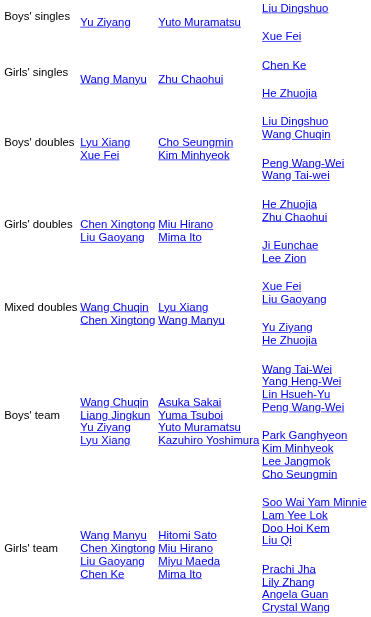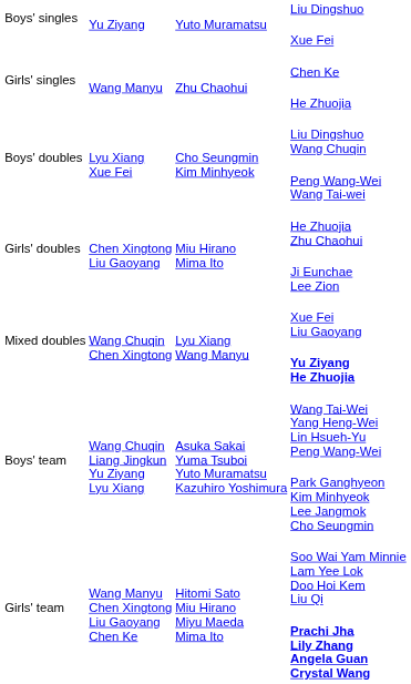 <table>
 <tr>
 <td rowspan=2>Boys' singles</td>
 <td rowspan=2><br><a href='#'>Yu Ziyang</a></td>
 <td rowspan=2><br><a href='#'>Yuto Muramatsu</a></td>
 <td><br><a href='#'>Liu Dingshuo</a></td>
 </tr>
 <tr>
 <td><br><a href='#'>Xue Fei</a></td>
 </tr>
 <tr>
 <td rowspan=2>Girls' singles</td>
 <td rowspan=2><br><a href='#'>Wang Manyu</a></td>
 <td rowspan=2><br><a href='#'>Zhu Chaohui</a></td>
 <td><br><a href='#'>Chen Ke</a></td>
 </tr>
 <tr>
 <td><br><a href='#'>He Zhuojia</a></td>
 </tr>
 <tr>
 <td rowspan=2>Boys' doubles</td>
 <td rowspan=2><br><a href='#'>Lyu Xiang</a><br><a href='#'>Xue Fei</a></td>
 <td rowspan=2><br><a href='#'>Cho Seungmin</a><br><a href='#'>Kim Minhyeok</a></td>
 <td><br><a href='#'>Liu Dingshuo</a><br><a href='#'>Wang Chuqin</a></td>
 </tr>
 <tr>
 <td><br><a href='#'>Peng Wang-Wei</a><br><a href='#'>Wang Tai-wei</a></td>
 </tr>
 <tr>
 <td rowspan=2>Girls' doubles</td>
 <td rowspan=2><br><a href='#'>Chen Xingtong</a><br><a href='#'>Liu Gaoyang</a></td>
 <td rowspan=2><br><a href='#'>Miu Hirano</a><br><a href='#'>Mima Ito</a></td>
 <td><br><a href='#'>He Zhuojia</a><br><a href='#'>Zhu Chaohui</a></td>
 </tr>
 <tr>
 <td><br><a href='#'>Ji Eunchae</a><br><a href='#'>Lee Zion</a></td>
 </tr>
 <tr>
 <td rowspan=2>Mixed doubles</td>
 <td rowspan=2><br><a href='#'>Wang Chuqin</a><br><a href='#'>Chen Xingtong</a></td>
 <td rowspan=2><br><a href='#'>Lyu Xiang</a><br><a href='#'>Wang Manyu</a></td>
 <td><br><a href='#'>Xue Fei</a><br><a href='#'>Liu Gaoyang</a></td>
 </tr>
 <tr>
-<td><br><a href='#'>Yu Ziyang</a><br> <a href='#'>He Zhuojia</a></td>
+<td><strong><br><a href='#'>Yu Ziyang</a><br> <a href='#'>He Zhuojia</a></strong></td>
 </tr>
 <tr>
 <td rowspan=2>Boys' team</td>
 <td rowspan=2><br><a href='#'>Wang Chuqin</a><br><a href='#'>Liang Jingkun</a><br><a href='#'>Yu Ziyang</a><br><a href='#'>Lyu Xiang</a></td>
 <td rowspan=2><br><a href='#'>Asuka Sakai</a><br><a href='#'>Yuma Tsuboi</a><br><a href='#'>Yuto Muramatsu</a><br><a href='#'>Kazuhiro Yoshimura</a></td>
 <td><br><a href='#'>Wang Tai-Wei</a><br><a href='#'>Yang Heng-Wei</a><br><a href='#'>Lin Hsueh-Yu</a><br><a href='#'>Peng Wang-Wei</a></td>
 </tr>
 <tr>
 <td><br><a href='#'>Park Ganghyeon</a><br><a href='#'>Kim Minhyeok</a><br><a href='#'>Lee Jangmok</a><br><a href='#'>Cho Seungmin</a></td>
 </tr>
 <tr>
 <td rowspan=2>Girls' team</td>
 <td rowspan=2><br><a href='#'>Wang Manyu</a><br><a href='#'>Chen Xingtong</a><br><a href='#'>Liu Gaoyang</a><br><a href='#'>Chen Ke</a></td>
 <td rowspan=2><br><a href='#'>Hitomi Sato</a><br><a href='#'>Miu Hirano</a><br><a href='#'>Miyu Maeda</a><br><a href='#'>Mima Ito</a></td>
 <td><br><a href='#'>Soo Wai Yam Minnie</a><br><a href='#'>Lam Yee Lok</a><br><a href='#'>Doo Hoi Kem</a><br><a href='#'>Liu Qi</a></td>
 </tr>
 <tr>
-<td><br><a href='#'>Prachi Jha</a><br><a href='#'>Lily Zhang</a><br><a href='#'>Angela Guan</a><br><a href='#'>Crystal Wang</a></td>
+<td><strong><br><a href='#'>Prachi Jha</a><br><a href='#'>Lily Zhang</a><br><a href='#'>Angela Guan</a><br><a href='#'>Crystal Wang</a></strong></td>
 </tr>
 </table>
